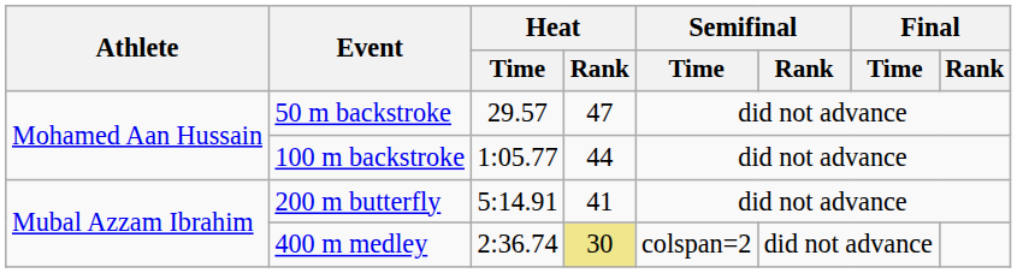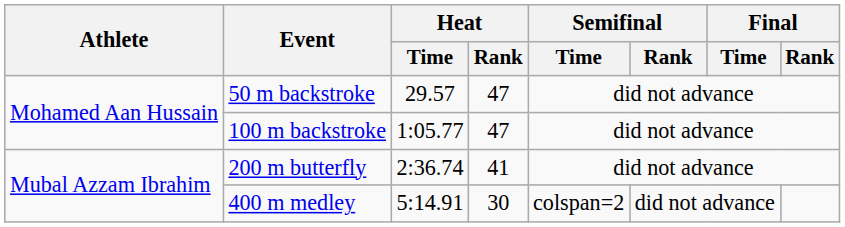 <table class="wikitable" style="text-align:center; font-size:90%">
 <tr>
 <th rowspan="2">Athlete</th>
 <th rowspan="2">Event</th>
 <th colspan="2">Heat</th>
 <th colspan="2">Semifinal</th>
 <th colspan="2">Final</th>
 </tr>
 <tr style="font-size:95%">
 <th>Time</th>
 <th>Rank</th>
 <th>Time</th>
 <th>Rank</th>
 <th>Time</th>
 <th>Rank</th>
 </tr>
 <tr>
 <td align=left rowspan=2><a href='#'>Mohamed Aan Hussain</a></td>
 <td align=left><a href='#'>50 m backstroke</a></td>
 <td>29.57</td>
 <td>47</td>
 <td colspan=4>did not advance</td>
 </tr>
 <tr>
 <td align=left><a href='#'>100 m backstroke</a></td>
 <td>1:05.77</td>
-<td>44</td>
+<td>47</td>
 <td colspan=4>did not advance</td>
 </tr>
 <tr>
 <td align=left rowspan=2><a href='#'>Mubal Azzam Ibrahim</a></td>
 <td align=left><a href='#'>200 m butterfly</a></td>
-<td>5:14.91</td>
+<td>2:36.74</td>
 <td>41</td>
 <td colspan=4>did not advance</td>
 </tr>
 <tr>
 <td align=left><a href='#'>400 m medley</a></td>
-<td>2:36.74</td>
-<td style="background: khaki;">30</td>
+<td>5:14.91</td>
+<td>30</td>
 <td>colspan=2 </td>
 <td colspan=2>did not advance</td>
 </tr>
 </table>
